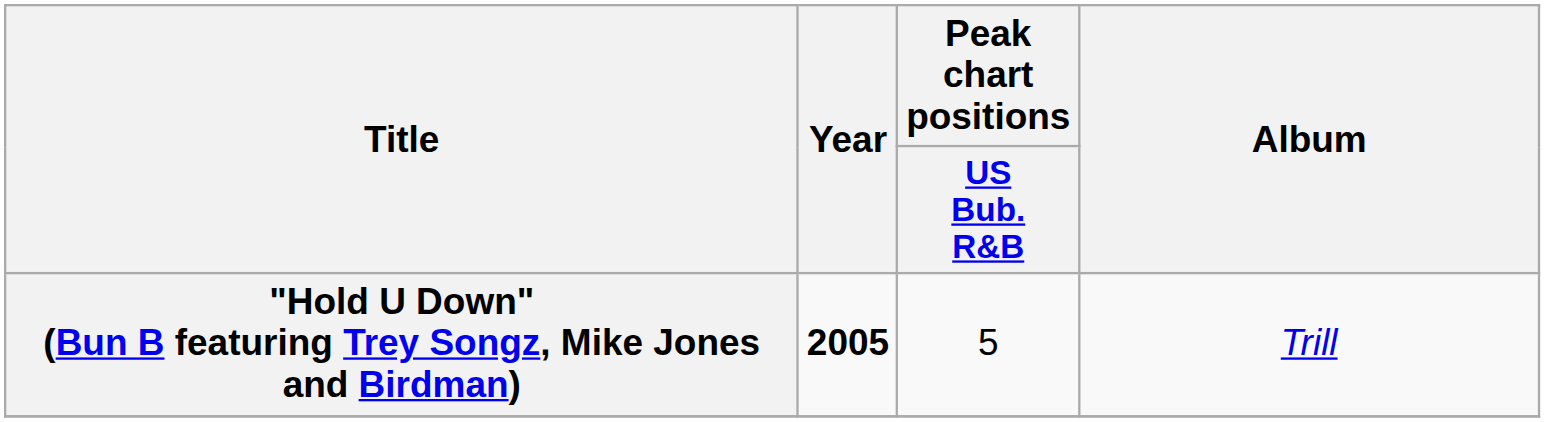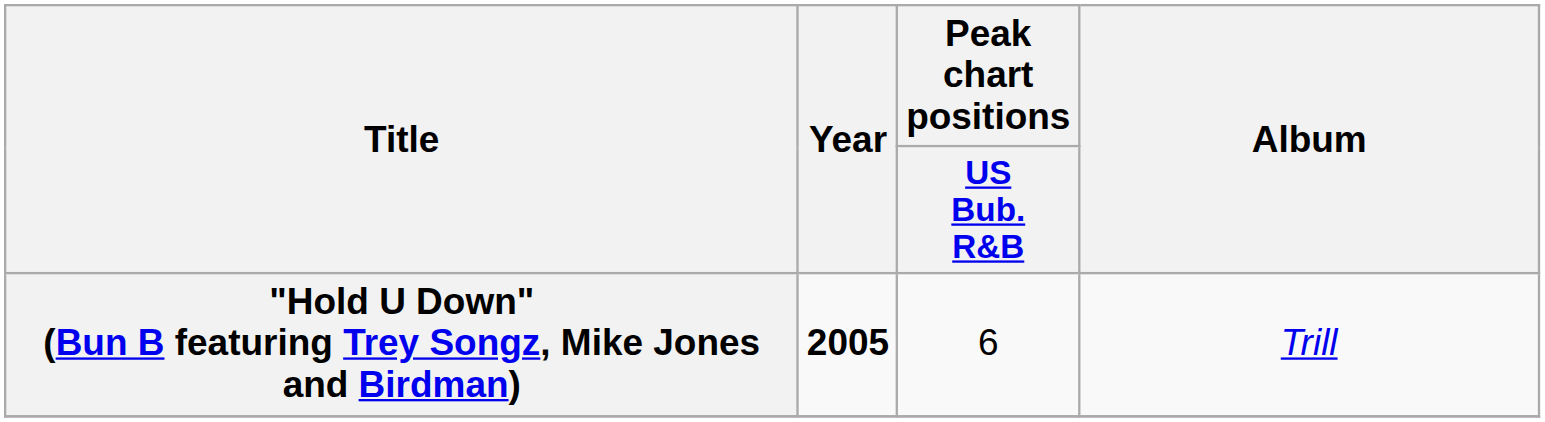 <table class="wikitable plainrowheaders" style="text-align:center;">
 <tr>
 <th scope="col" rowspan="2" style="width:21em;">Title</th>
 <th scope="col" rowspan="2">Year</th>
 <th scope="col" colspan="1">Peak chart positions</th>
 <th scope="col" rowspan="2" style="width:12em;">Album</th>
 </tr>
 <tr>
 <th scope="col" style="width:2.9em;font-size:90%;"><a href='#'>US<br>Bub.<br>R&B</a><br></th>
 </tr>
 <tr>
 <th scope="row">"Hold U Down"<br><span>(<a href='#'>Bun B</a> featuring <a href='#'>Trey Songz</a>, Mike Jones and <a href='#'>Birdman</a>)</span></th>
 <td><strong>2005</strong></td>
-<td>5</td>
+<td>6</td>
 <td><em><a href='#'>Trill</a></em></td>
 </tr>
 <tr>
 </tr>
 </table>
